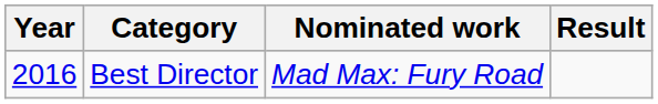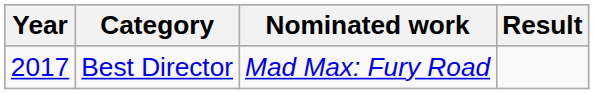 <table class="wikitable">
 <tr>
 <th>Year</th>
 <th>Category</th>
 <th>Nominated work</th>
 <th>Result</th>
 </tr>
 <tr>
-<td><a href='#'>2016</a></td>
+<td><a href='#'>2017</a></td>
 <td><a href='#'>Best Director</a></td>
 <td><em><a href='#'>Mad Max: Fury Road</a></em></td>
 <td></td>
 </tr>
 </table>
